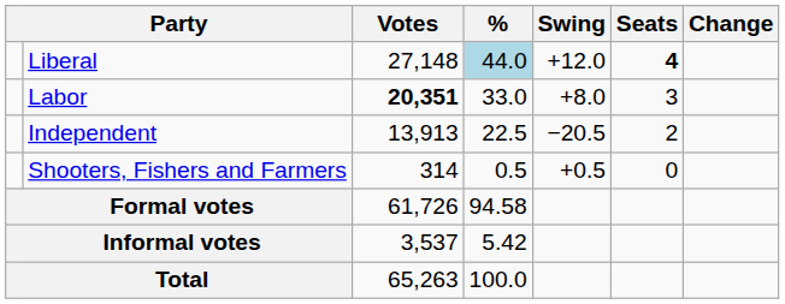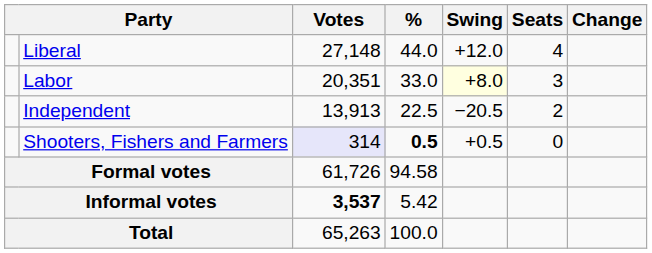 <table class="wikitable" style="text-align:right; margin-bottom:0">
 <tr>
 <th style="width:10px" colspan=3>Party</th>
 <th style="width:70px;">Votes</th>
 <th style="width:40px;">%</th>
 <th style="width:40px;">Swing</th>
 <th style="width:40px;">Seats</th>
 <th style="width:40px;">Change</th>
 </tr>
 <tr>
 <td> </td>
 <td style="text-align:left;" colspan="2"><a href='#'>Liberal</a></td>
 <td>27,148</td>
-<td style="background: lightblue;">44.0</td>
+<td>44.0</td>
 <td>+12.0</td>
-<td><strong>4</strong></td>
+<td>4</td>
 <td></td>
 </tr>
 <tr>
 <td> </td>
 <td style="text-align:left;" colspan="2"><a href='#'>Labor</a></td>
-<td><strong>20,351</strong></td>
+<td>20,351</td>
 <td>33.0</td>
-<td>+8.0</td>
+<td style="background: lightyellow;">+8.0</td>
 <td>3</td>
 <td></td>
 </tr>
 <tr>
 <td> </td>
 <td style="text-align:left;" colspan="2"><a href='#'>Independent</a></td>
 <td>13,913</td>
 <td>22.5</td>
 <td>−20.5</td>
 <td>2</td>
 <td></td>
 </tr>
 <tr>
 <td> </td>
 <td style="text-align:left;" colspan="2"><a href='#'>Shooters, Fishers and Farmers</a></td>
-<td>314</td>
-<td>0.5</td>
+<td style="background: lavender;">314</td>
+<td><strong>0.5</strong></td>
 <td>+0.5</td>
 <td>0</td>
 <td></td>
 </tr>
 <tr>
 <th colspan="3" rowspan="1"> Formal votes</th>
 <td>61,726</td>
 <td>94.58</td>
 <td></td>
 <td></td>
 <td></td>
 </tr>
 <tr>
 <th colspan="3" rowspan="1"> Informal votes</th>
-<td>3,537</td>
+<td><strong>3,537</strong></td>
 <td>5.42</td>
 <td></td>
 <td></td>
 <td></td>
 </tr>
 <tr>
 <th colspan="3" rowspan="1"> <strong>Total </strong></th>
 <td>65,263</td>
 <td>100.0</td>
 <td></td>
 <td></td>
 <td></td>
 </tr>
 </table>
